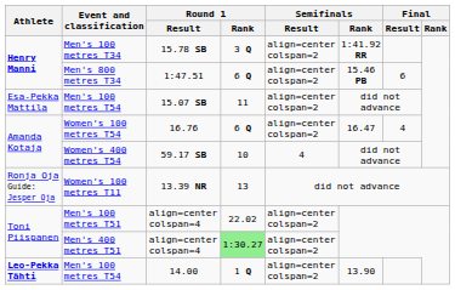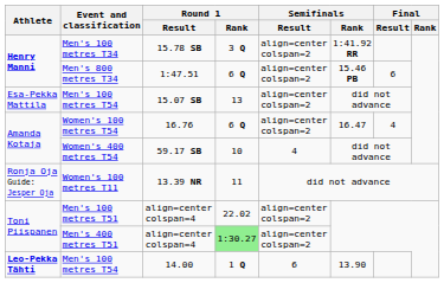 <table class=wikitable>
 <tr>
 <th rowspan="2">Athlete</th>
 <th rowspan="2">Event and classification</th>
 <th colspan="2">Round 1</th>
 <th colspan="2">Semifinals</th>
 <th colspan="2">Final</th>
 </tr>
 <tr>
 <th>Result</th>
 <th>Rank</th>
 <th>Result</th>
 <th>Rank</th>
 <th>Result</th>
 <th>Rank</th>
 </tr>
 <tr>
 <td rowspan=2><strong><a href='#'>Henry Manni</a></strong></td>
 <td><a href='#'>Men's 100 metres T34</a></td>
 <td align=center>15.78 <strong>SB</strong></td>
 <td align=center>3 <strong>Q</strong></td>
 <td>align=center colspan=2 </td>
 <td align=center>1:41.92 <strong>RR</strong></td>
 <td align=center></td>
 </tr>
 <tr>
 <td><a href='#'>Men's 800 metres T34</a></td>
 <td align=center>1:47.51</td>
 <td align=center>6 <strong>Q</strong></td>
 <td>align=center colspan=2 </td>
 <td align=center>15.46 <strong>PB</strong></td>
 <td align=center>6</td>
 </tr>
 <tr>
 <td><a href='#'>Esa-Pekka Mattila</a></td>
 <td><a href='#'>Men's 100 metres T54</a></td>
 <td align=center>15.07 <strong>SB</strong></td>
-<td align=center>11</td>
+<td align=center>13</td>
 <td>align=center colspan=2 </td>
 <td align=center colspan=2>did not advance</td>
 </tr>
 <tr>
 <td rowspan=2><a href='#'>Amanda Kotaja</a></td>
 <td><a href='#'>Women's 100 metres T54</a></td>
 <td align=center>16.76</td>
 <td align=center>6 <strong>Q</strong></td>
 <td>align=center colspan=2 </td>
 <td align=center>16.47</td>
 <td align=center>4</td>
 </tr>
 <tr>
 <td><a href='#'>Women's 400 metres T54</a></td>
 <td align=center>59.17 <strong>SB</strong></td>
 <td align=center>10</td>
 <td align=center>4</td>
 <td align=center colspan=2>did not advance</td>
 </tr>
 <tr>
 <td><a href='#'>Ronja Oja</a><br><small>Guide: <a href='#'>Jesper Oja</a></small></td>
 <td><a href='#'>Women's 100 metres T11</a></td>
 <td align=center>13.39 <strong>NR</strong></td>
-<td align=center>13</td>
+<td align=center>11</td>
 <td align=center colspan=4>did not advance</td>
 </tr>
 <tr>
 <td rowspan=2><a href='#'>Toni Piispanen</a></td>
 <td><a href='#'>Men's 100 metres T51</a></td>
 <td>align=center colspan=4 </td>
 <td align=center>22.02</td>
 <td>align=center colspan=2 </td>
 </tr>
 <tr>
 <td><a href='#'>Men's 400 metres T51</a></td>
 <td>align=center colspan=4 </td>
 <td align=center style="background: lightgreen;">1:30.27</td>
 <td>align=center colspan=2 </td>
 </tr>
 <tr>
 <td><strong><a href='#'>Leo-Pekka Tähti</a></strong></td>
 <td><a href='#'>Men's 100 metres T54</a></td>
 <td align=center>14.00</td>
 <td align=center>1 <strong>Q</strong></td>
-<td>align=center colspan=2 </td>
+<td align=center>6</td>
 <td align=center>13.90</td>
 <td align=center></td>
 </tr>
 </table>
